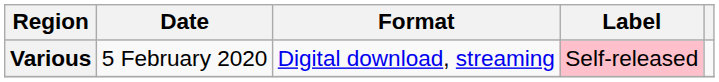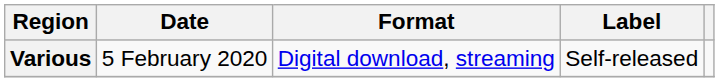 <table class="wikitable plainrowheaders" style="text-align:center">
 <tr>
 <th>Region</th>
 <th>Date</th>
 <th>Format</th>
 <th>Label</th>
 <th></th>
 </tr>
 <tr>
 <th scope="row">Various</th>
 <td>5 February 2020</td>
 <td><a href='#'>Digital download</a>, <a href='#'>streaming</a></td>
-<td style="background: pink;">Self-released</td>
+<td>Self-released</td>
 <td></td>
 </tr>
 <tr>
 </tr>
 </table>
